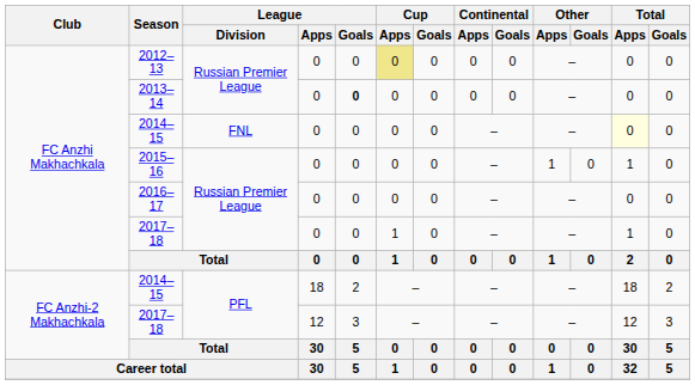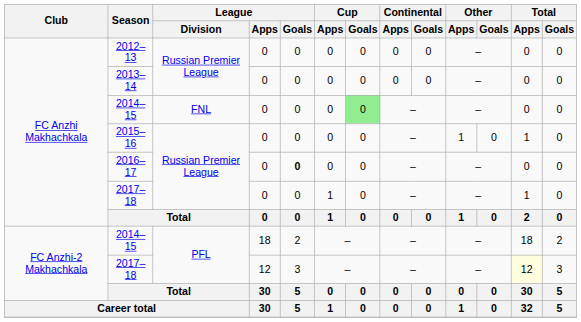 <table class="wikitable" style="text-align: center;">
 <tr>
 <th rowspan=2>Club</th>
 <th rowspan=2>Season</th>
 <th colspan=3>League</th>
 <th colspan=2>Cup</th>
 <th colspan=2>Continental</th>
 <th colspan=2>Other</th>
 <th colspan=2>Total</th>
 </tr>
 <tr>
 <th>Division</th>
 <th>Apps</th>
 <th>Goals</th>
 <th>Apps</th>
 <th>Goals</th>
 <th>Apps</th>
 <th>Goals</th>
 <th>Apps</th>
 <th>Goals</th>
 <th>Apps</th>
 <th>Goals</th>
 </tr>
 <tr>
 <td rowspan=7><a href='#'>FC Anzhi Makhachkala</a></td>
 <td><a href='#'>2012–13</a></td>
 <td rowspan=2><a href='#'>Russian Premier League</a></td>
 <td>0</td>
 <td>0</td>
-<td style="background: khaki;">0</td>
+<td>0</td>
 <td>0</td>
 <td>0</td>
 <td>0</td>
 <td colspan=2>–</td>
 <td>0</td>
 <td>0</td>
 </tr>
 <tr>
 <td><a href='#'>2013–14</a></td>
 <td>0</td>
-<td><strong>0</strong></td>
+<td>0</td>
 <td>0</td>
 <td>0</td>
 <td>0</td>
 <td>0</td>
 <td colspan=2>–</td>
 <td>0</td>
 <td>0</td>
 </tr>
 <tr>
 <td><a href='#'>2014–15</a></td>
 <td><a href='#'>FNL</a></td>
 <td>0</td>
 <td>0</td>
 <td>0</td>
-<td>0</td>
+<td style="background: lightgreen;">0</td>
 <td colspan=2>–</td>
 <td colspan=2>–</td>
-<td style="background: lightyellow;">0</td>
+<td>0</td>
 <td>0</td>
 </tr>
 <tr>
 <td><a href='#'>2015–16</a></td>
 <td rowspan=3><a href='#'>Russian Premier League</a></td>
 <td>0</td>
 <td>0</td>
 <td>0</td>
 <td>0</td>
 <td colspan=2>–</td>
 <td>1</td>
 <td>0</td>
 <td>1</td>
 <td>0</td>
 </tr>
 <tr>
 <td><a href='#'>2016–17</a></td>
 <td>0</td>
-<td>0</td>
+<td><strong>0</strong></td>
 <td>0</td>
 <td>0</td>
 <td colspan=2>–</td>
 <td colspan=2>–</td>
 <td>0</td>
 <td>0</td>
 </tr>
 <tr>
 <td><a href='#'>2017–18</a></td>
 <td>0</td>
 <td>0</td>
 <td>1</td>
 <td>0</td>
 <td colspan=2>–</td>
 <td colspan=2>–</td>
 <td>1</td>
 <td>0</td>
 </tr>
 <tr>
 <th colspan=2>Total</th>
 <th>0</th>
 <th>0</th>
 <th>1</th>
 <th>0</th>
 <th>0</th>
 <th>0</th>
 <th>1</th>
 <th>0</th>
 <th>2</th>
 <th>0</th>
 </tr>
 <tr>
 <td rowspan=3><a href='#'>FC Anzhi-2 Makhachkala</a></td>
 <td><a href='#'>2014–15</a></td>
 <td rowspan=2><a href='#'>PFL</a></td>
 <td>18</td>
 <td>2</td>
 <td colspan=2>–</td>
 <td colspan=2>–</td>
 <td colspan=2>–</td>
 <td>18</td>
 <td>2</td>
 </tr>
 <tr>
 <td><a href='#'>2017–18</a></td>
 <td>12</td>
 <td>3</td>
 <td colspan=2>–</td>
 <td colspan=2>–</td>
 <td colspan=2>–</td>
-<td>12</td>
+<td style="background: lightyellow;">12</td>
 <td>3</td>
 </tr>
 <tr>
 <th colspan=2>Total</th>
 <th>30</th>
 <th>5</th>
 <th>0</th>
 <th>0</th>
 <th>0</th>
 <th>0</th>
 <th>0</th>
 <th>0</th>
 <th>30</th>
 <th>5</th>
 </tr>
 <tr>
 <th colspan=3>Career total</th>
 <th>30</th>
 <th>5</th>
 <th>1</th>
 <th>0</th>
 <th>0</th>
 <th>0</th>
 <th>1</th>
 <th>0</th>
 <th>32</th>
 <th>5</th>
 </tr>
 <tr>
 </tr>
 </table>
